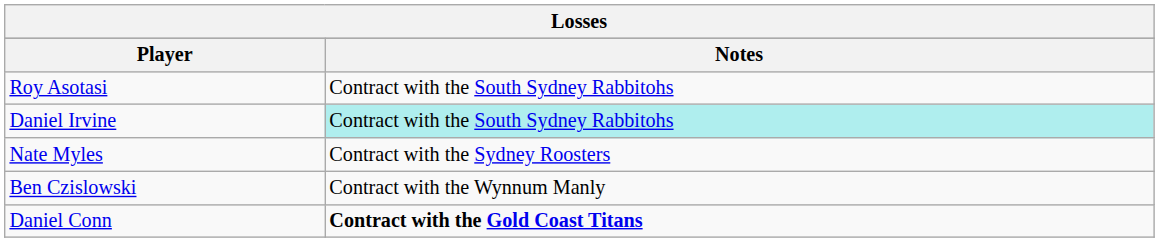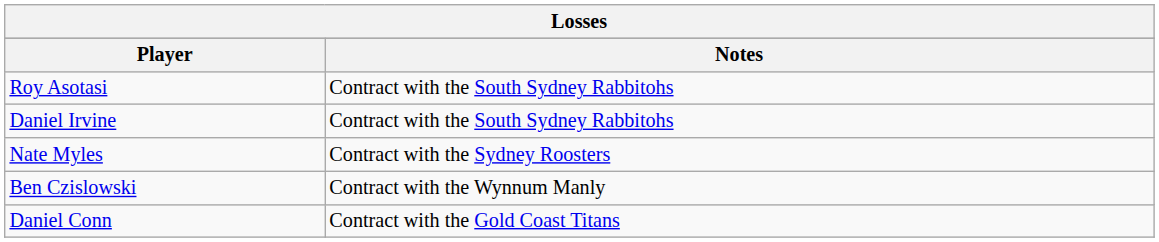 <table class="wikitable" width="65%" style="font-size:90%">
 <tr bgcolor="#efefef">
 <th colspan=11>Losses</th>
 </tr>
 <tr bgcolor="#efefef">
 </tr>
 <tr>
 <th>Player</th>
 <th>Notes</th>
 </tr>
 <tr>
 <td><a href='#'>Roy Asotasi</a></td>
 <td>Contract with the <a href='#'>South Sydney Rabbitohs</a></td>
 </tr>
 <tr>
 <td><a href='#'>Daniel Irvine</a></td>
-<td style="background: paleturquoise;">Contract with the <a href='#'>South Sydney Rabbitohs</a></td>
+<td>Contract with the <a href='#'>South Sydney Rabbitohs</a></td>
 </tr>
 <tr>
 <td><a href='#'>Nate Myles</a></td>
 <td>Contract with the <a href='#'>Sydney Roosters</a></td>
 </tr>
 <tr>
 <td><a href='#'>Ben Czislowski</a></td>
 <td>Contract with the Wynnum Manly</td>
 </tr>
 <tr>
 <td><a href='#'>Daniel Conn</a></td>
-<td><strong>Contract with the <a href='#'>Gold Coast Titans</a></strong></td>
+<td>Contract with the <a href='#'>Gold Coast Titans</a></td>
 </tr>
 </table>
